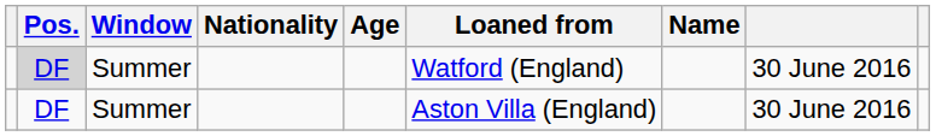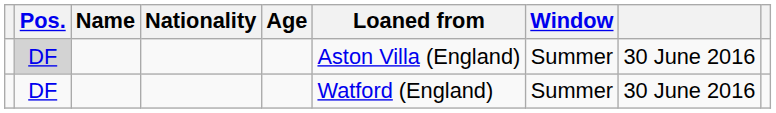 <table class="wikitable sortable" style="text-align:center;">
 <tr>
 <th scope=col></th>
 <th scope=col><a href='#'>Pos.</a></th>
-<th scope=col><a href='#'>Window</a></th>
+<th scope=col>Name</th>
 <th scope=col>Nationality</th>
 <th scope=col>Age</th>
 <th scope=col>Loaned from</th>
-<th scope=col>Name</th>
+<th scope=col><a href='#'>Window</a></th>
 <th scope=col></th>
 <th scope=col class=unsortable></th>
 </tr>
 <tr>
 <td></td>
 <td style="background: lightgrey;"><a href='#'>DF</a></td>
-<td>Summer</td>
+<td align=left></td>
 <td align=left></td>
 <td></td>
-<td align=left><a href='#'>Watford</a> (England)</td>
-<td align=left></td>
+<td align=left><a href='#'>Aston Villa</a> (England)</td>
+<td>Summer</td>
 <td>30 June 2016</td>
 <td></td>
 </tr>
 <tr>
 <td></td>
 <td><a href='#'>DF</a></td>
-<td>Summer</td>
+<td align=left></td>
 <td align=left></td>
 <td></td>
-<td align=left><a href='#'>Aston Villa</a> (England)</td>
-<td align=left></td>
+<td align=left><a href='#'>Watford</a> (England)</td>
+<td>Summer</td>
 <td>30 June 2016</td>
 <td></td>
 </tr>
 </table>
